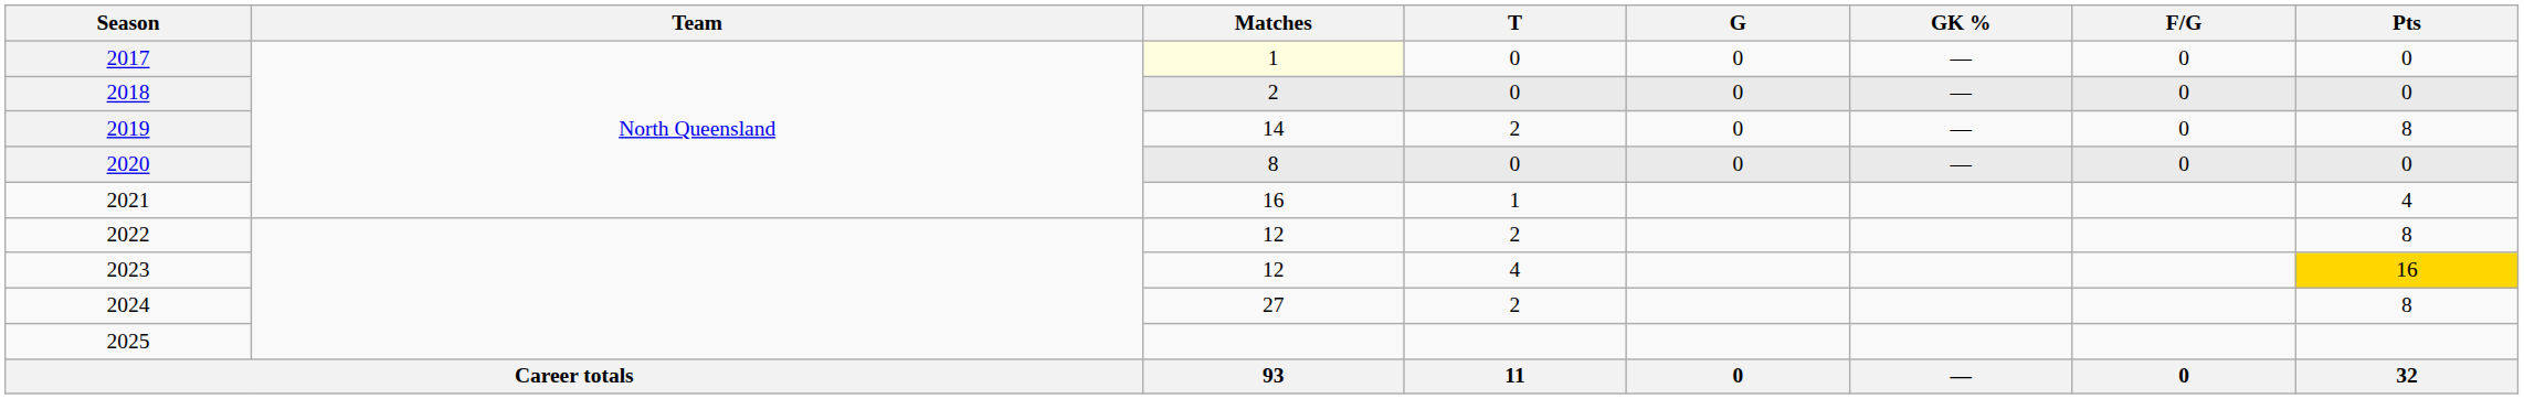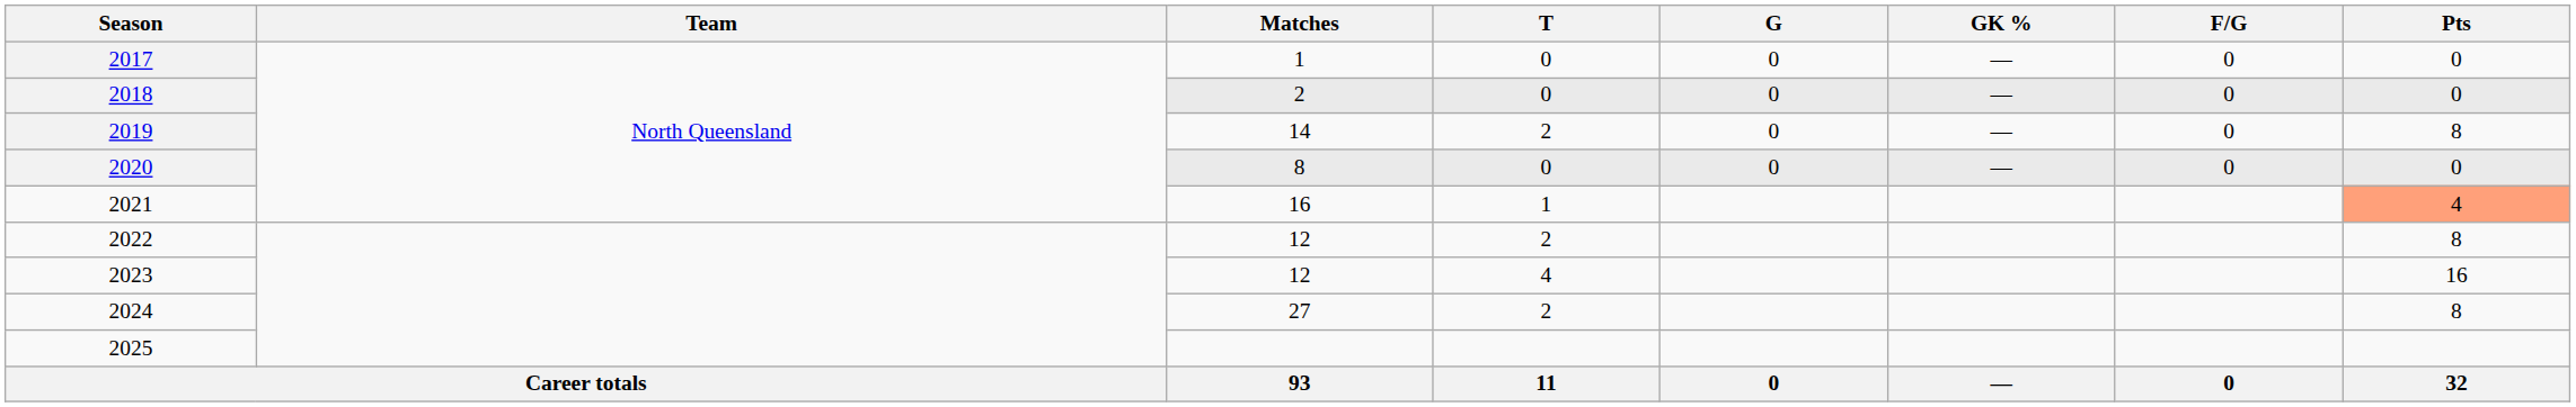 <table class="wikitable sortable"  style="font-size:90%; text-align:center; width:85%;">
 <tr>
 <th width=2%>Season</th>
 <th width=8%>Team</th>
 <th width=2%>Matches</th>
 <th width=2%>T</th>
 <th width=2%>G</th>
 <th width=2%>GK %</th>
 <th width=2%>F/G</th>
 <th width=2%>Pts</th>
 </tr>
 <tr>
 <th scope="row" style="text-align:center; font-weight:normal"><a href='#'>2017</a></th>
 <td rowspan="5" style="text-align:center;"> <a href='#'>North Queensland</a></td>
-<td style="background: lightyellow;">1</td>
+<td>1</td>
 <td>0</td>
 <td>0</td>
 <td>—</td>
 <td>0</td>
 <td>0</td>
 </tr>
 <tr style="background:#eaeaea;">
 <th scope="row" style="text-align:center; font-weight:normal"><a href='#'>2018</a></th>
 <td>2</td>
 <td>0</td>
 <td>0</td>
 <td>—</td>
 <td>0</td>
 <td>0</td>
 </tr>
 <tr>
 <th scope="row" style="text-align:center; font-weight:normal"><a href='#'>2019</a></th>
 <td>14</td>
 <td>2</td>
 <td>0</td>
 <td>—</td>
 <td>0</td>
 <td>8</td>
 </tr>
 <tr style="background:#eaeaea;">
 <th scope="row" style="text-align:center; font-weight:normal"><a href='#'>2020</a></th>
 <td>8</td>
 <td>0</td>
 <td>0</td>
 <td>—</td>
 <td>0</td>
 <td>0</td>
 </tr>
 <tr>
 <td>2021</td>
 <td>16</td>
 <td>1</td>
 <td></td>
 <td></td>
 <td></td>
-<td>4</td>
+<td style="background: lightsalmon;">4</td>
 </tr>
 <tr>
 <td>2022</td>
 <td rowspan="4"></td>
 <td>12</td>
 <td>2</td>
 <td></td>
 <td></td>
 <td></td>
 <td>8</td>
 </tr>
 <tr>
 <td>2023</td>
 <td>12</td>
 <td>4</td>
 <td></td>
 <td></td>
 <td></td>
-<td style="background: gold;">16</td>
+<td>16</td>
 </tr>
 <tr>
 <td>2024</td>
 <td>27</td>
 <td>2</td>
 <td></td>
 <td></td>
 <td></td>
 <td>8</td>
 </tr>
 <tr>
 <td>2025</td>
 <td></td>
 <td></td>
 <td></td>
 <td></td>
 <td></td>
 <td></td>
 </tr>
 <tr class="sortbottom">
 <th colspan="2">Career totals</th>
 <th>93</th>
 <th>11</th>
 <th>0</th>
 <th>—</th>
 <th>0</th>
 <th>32</th>
 </tr>
 </table>
